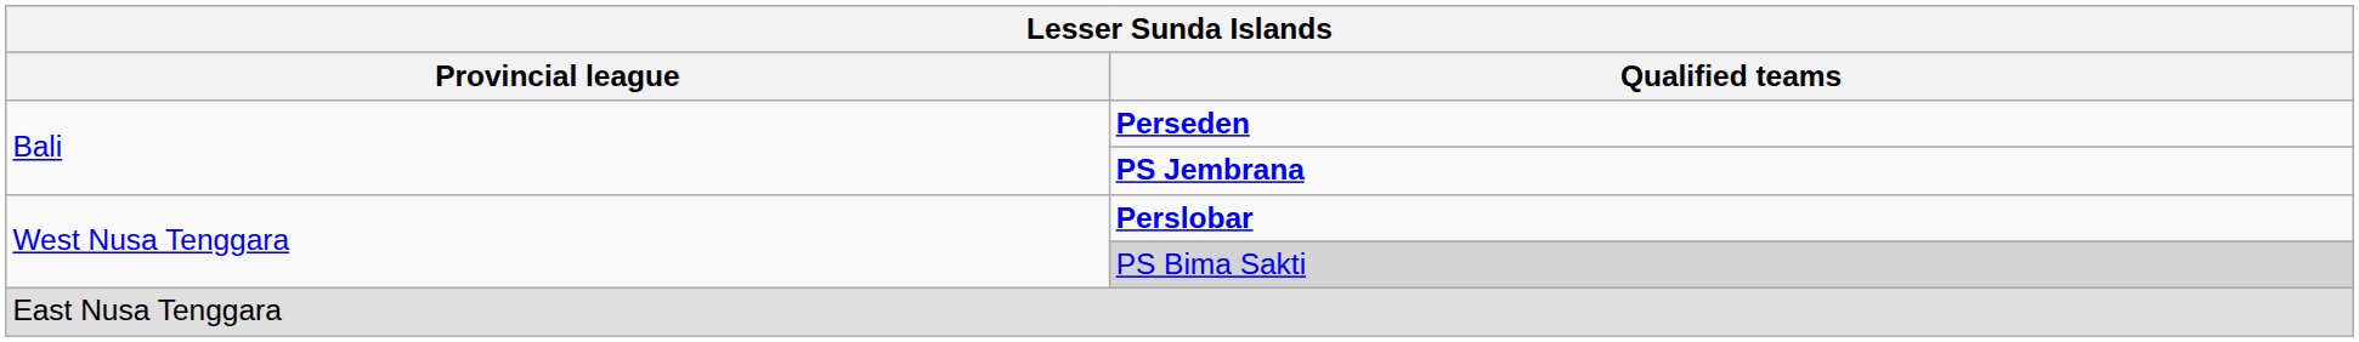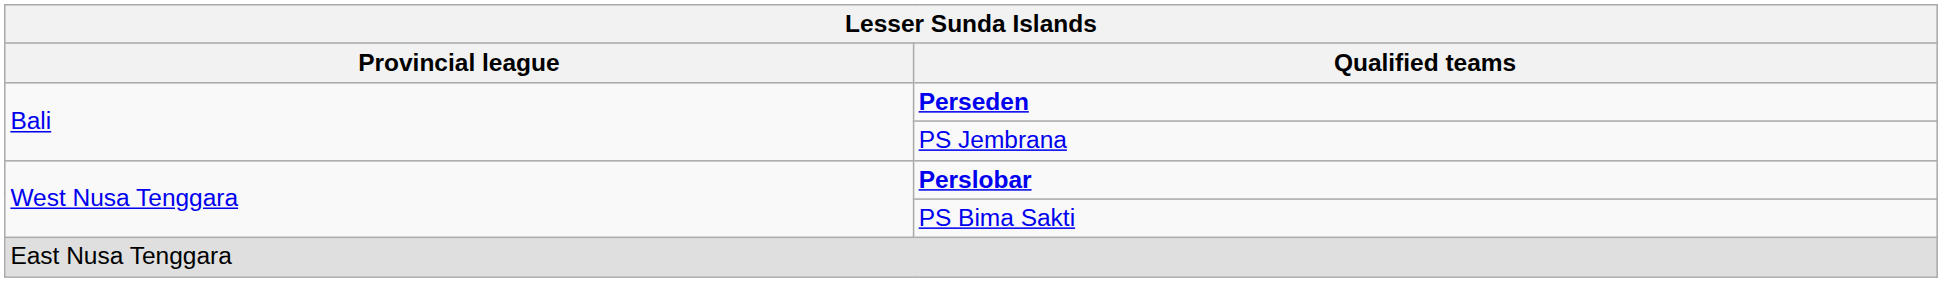 <table class="wikitable sortable" style="width:100%;">
 <tr>
 <th colspan="2"><strong>Lesser Sunda Islands</strong></th>
 </tr>
 <tr>
 <th style="width:47%;">Provincial league</th>
 <th style="width:53%;">Qualified teams</th>
 </tr>
 <tr>
 <td rowspan="2"> <a href='#'>Bali</a></td>
 <td><strong><a href='#'>Perseden</a></strong></td>
 </tr>
 <tr>
-<td><strong><a href='#'>PS Jembrana</a></strong></td>
+<td><a href='#'>PS Jembrana</a></td>
 </tr>
 <tr>
 <td rowspan="2"> <a href='#'>West Nusa Tenggara</a></td>
 <td><strong><a href='#'>Perslobar</a></strong></td>
 </tr>
 <tr>
-<td style="background: lightgrey;"><a href='#'>PS Bima Sakti</a></td>
+<td><a href='#'>PS Bima Sakti</a></td>
 </tr>
 <tr bgcolor="#DFDFDF">
 <td colspan="2"> East Nusa Tenggara</td>
 </tr>
 </table>
